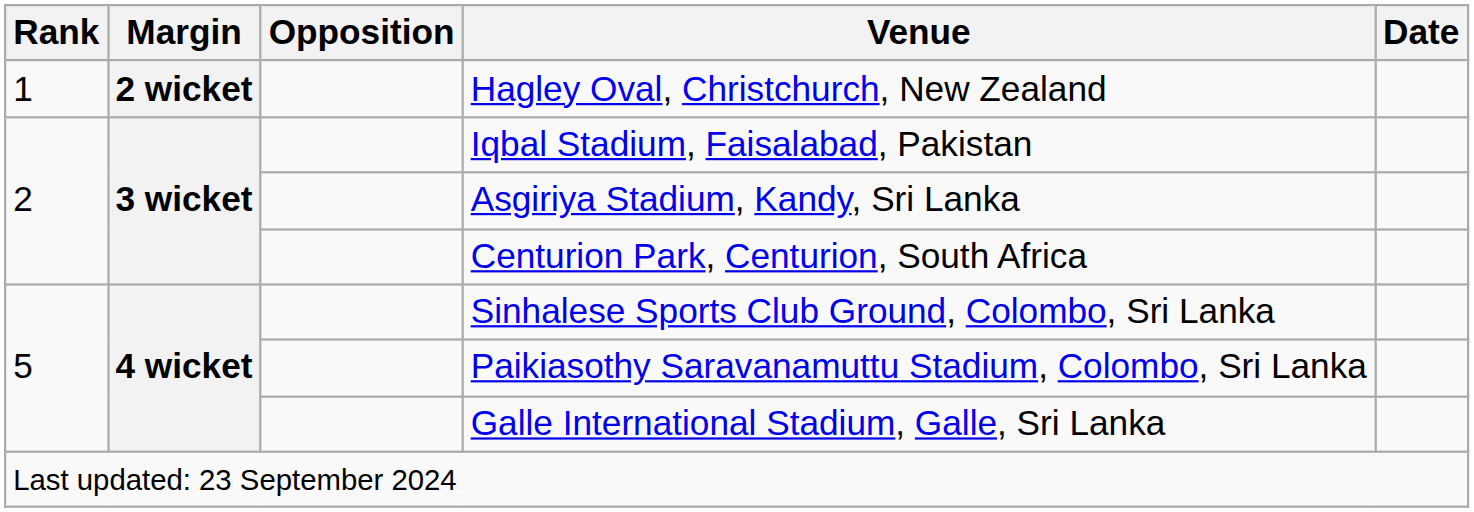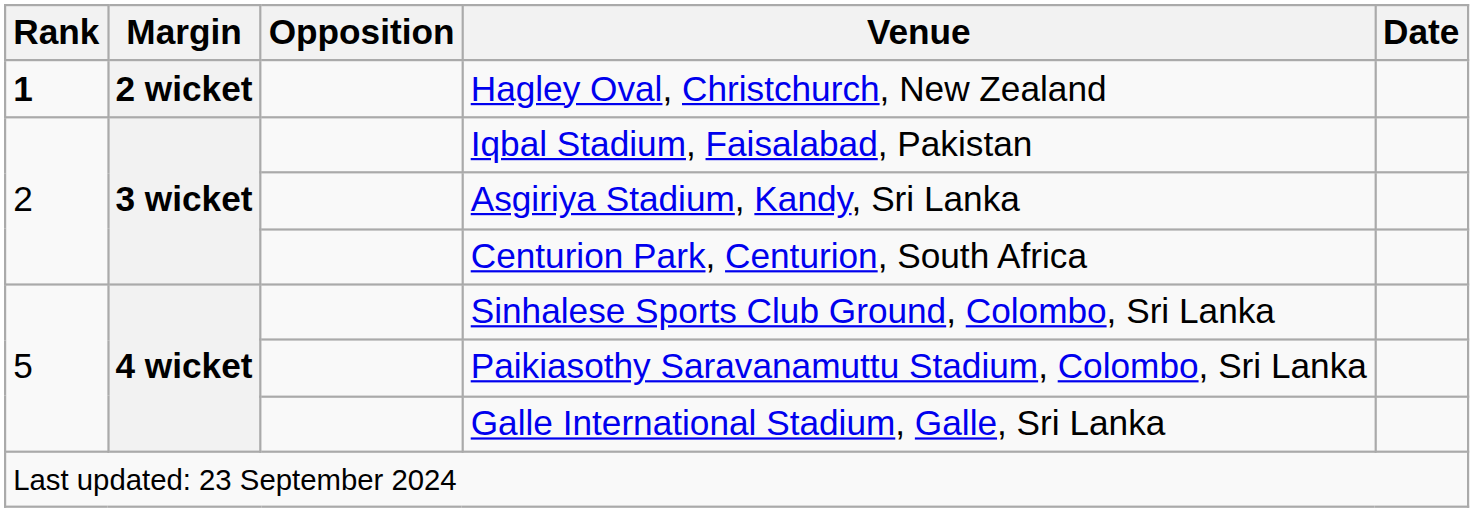 <table class="wikitable plainrowheaders sortable">
 <tr>
 <th scope=col>Rank</th>
 <th scope=col>Margin</th>
 <th scope=col>Opposition</th>
 <th scope=col>Venue</th>
 <th scope=col>Date</th>
 </tr>
 <tr>
-<td>1</td>
+<td><strong>1</strong></td>
 <th scope=row style=text-align:center>2 wicket</th>
 <td></td>
 <td><a href='#'>Hagley Oval</a>, <a href='#'>Christchurch</a>, New Zealand</td>
 <td></td>
 </tr>
 <tr>
 <td rowspan=3>2</td>
 <th scope=row style=text-align:center rowspan=3>3 wicket</th>
 <td></td>
 <td><a href='#'>Iqbal Stadium</a>, <a href='#'>Faisalabad</a>, Pakistan</td>
 <td></td>
 </tr>
 <tr>
 <td></td>
 <td><a href='#'>Asgiriya Stadium</a>, <a href='#'>Kandy</a>, Sri Lanka</td>
 <td></td>
 </tr>
 <tr>
 <td></td>
 <td><a href='#'>Centurion Park</a>, <a href='#'>Centurion</a>, South Africa</td>
 <td></td>
 </tr>
 <tr>
 <td rowspan=3>5</td>
 <th scope=row style=text-align:center rowspan=3>4 wicket</th>
 <td></td>
 <td><a href='#'>Sinhalese Sports Club Ground</a>, <a href='#'>Colombo</a>, Sri Lanka</td>
 <td></td>
 </tr>
 <tr>
 <td></td>
 <td><a href='#'>Paikiasothy Saravanamuttu Stadium</a>, <a href='#'>Colombo</a>, Sri Lanka</td>
 <td></td>
 </tr>
 <tr>
 <td></td>
 <td><a href='#'>Galle International Stadium</a>, <a href='#'>Galle</a>, Sri Lanka</td>
 <td></td>
 </tr>
 <tr class=sortbottom>
 <td colspan=5><small>Last updated: 23 September 2024</small></td>
 </tr>
 </table>
